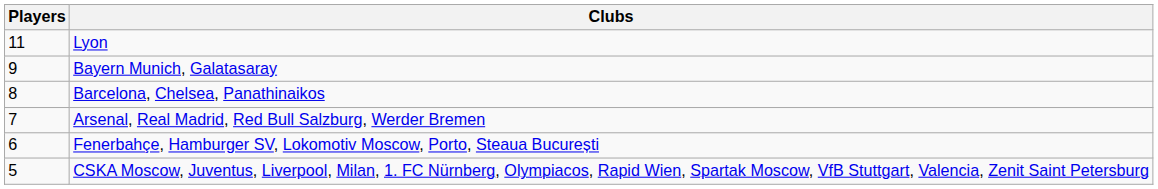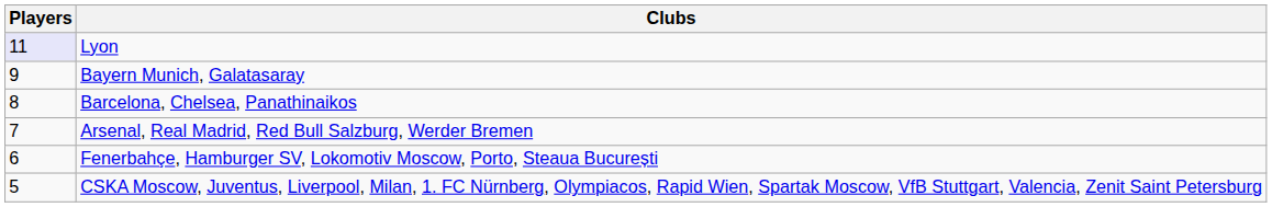 <table class="wikitable">
 <tr>
 <th>Players</th>
 <th>Clubs</th>
 </tr>
 <tr>
-<td>11</td>
+<td style="background: lavender;">11</td>
 <td><a href='#'>Lyon</a></td>
 </tr>
 <tr>
 <td>9</td>
 <td><a href='#'>Bayern Munich</a>, <a href='#'>Galatasaray</a></td>
 </tr>
 <tr>
 <td>8</td>
 <td><a href='#'>Barcelona</a>, <a href='#'>Chelsea</a>, <a href='#'>Panathinaikos</a></td>
 </tr>
 <tr>
 <td>7</td>
 <td><a href='#'>Arsenal</a>, <a href='#'>Real Madrid</a>, <a href='#'>Red Bull Salzburg</a>, <a href='#'>Werder Bremen</a></td>
 </tr>
 <tr>
 <td>6</td>
 <td><a href='#'>Fenerbahçe</a>, <a href='#'>Hamburger SV</a>, <a href='#'>Lokomotiv Moscow</a>, <a href='#'>Porto</a>, <a href='#'>Steaua București</a></td>
 </tr>
 <tr>
 <td>5</td>
 <td><a href='#'>CSKA Moscow</a>, <a href='#'>Juventus</a>, <a href='#'>Liverpool</a>, <a href='#'>Milan</a>, <a href='#'>1. FC Nürnberg</a>, <a href='#'>Olympiacos</a>, <a href='#'>Rapid Wien</a>, <a href='#'>Spartak Moscow</a>, <a href='#'>VfB Stuttgart</a>, <a href='#'>Valencia</a>, <a href='#'>Zenit Saint Petersburg</a></td>
 </tr>
 </table>
